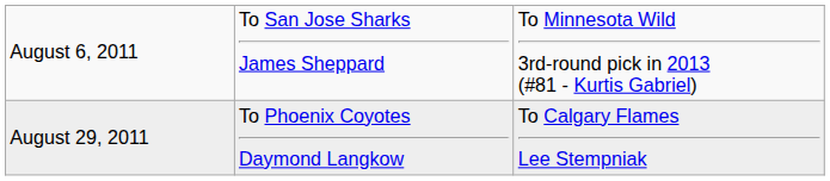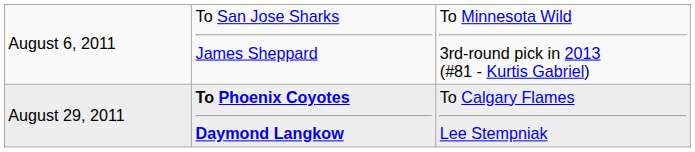 <table class="wikitable" style="border:1px solid #999; width:680px;">
 <tr>
 <td>August 6, 2011</td>
 <td valign="top">To <a href='#'>San Jose Sharks</a><hr><a href='#'>James Sheppard</a></td>
 <td valign="top">To <a href='#'>Minnesota Wild</a><hr>3rd-round pick in <a href='#'>2013</a><br>(#81 - <a href='#'>Kurtis Gabriel</a>)</td>
 </tr>
 <tr bgcolor="eeeeee">
 <td>August 29, 2011</td>
-<td valign="top">To <a href='#'>Phoenix Coyotes</a><hr><a href='#'>Daymond Langkow</a></td>
+<td valign="top"><strong>To <a href='#'>Phoenix Coyotes</a><hr><a href='#'>Daymond Langkow</a></strong></td>
 <td valign="top">To <a href='#'>Calgary Flames</a><hr><a href='#'>Lee Stempniak</a></td>
 </tr>
 </table>
